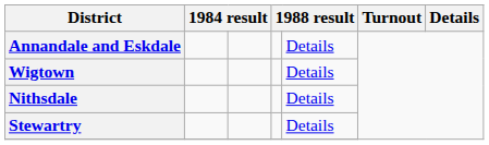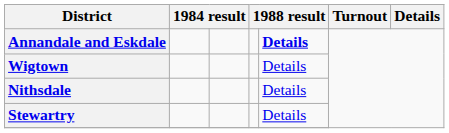 <table class="wikitable">
 <tr>
 <th scope="col">District</th>
 <th scope="col" colspan="2">1984 result</th>
 <th scope="col" colspan="2">1988 result</th>
 <th scope="col">Turnout</th>
 <th scope="col">Details</th>
 </tr>
 <tr>
 <th scope="row" style="text-align: left;"><a href='#'>Annandale and Eskdale</a></th>
 <td></td>
 <td></td>
 <td></td>
-<td><a href='#'>Details</a></td>
+<td><strong><a href='#'>Details</a></strong></td>
 </tr>
 <tr>
 <th scope="row" style="text-align: left;"><a href='#'>Wigtown</a></th>
 <td></td>
 <td></td>
 <td></td>
 <td><a href='#'>Details</a></td>
 </tr>
 <tr>
 <th scope="row" style="text-align: left;"><a href='#'>Nithsdale</a></th>
 <td></td>
 <td></td>
 <td></td>
 <td><a href='#'>Details</a></td>
 </tr>
 <tr>
 <th scope="row" style="text-align: left;"><a href='#'>Stewartry</a></th>
 <td></td>
 <td></td>
 <td></td>
 <td><a href='#'>Details</a></td>
 </tr>
 <tr>
 </tr>
 </table>
